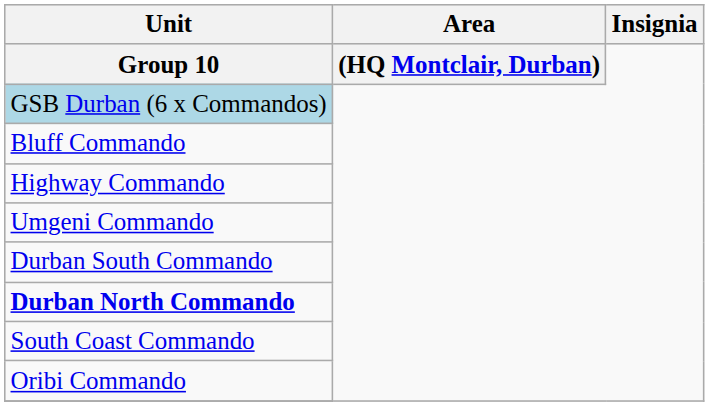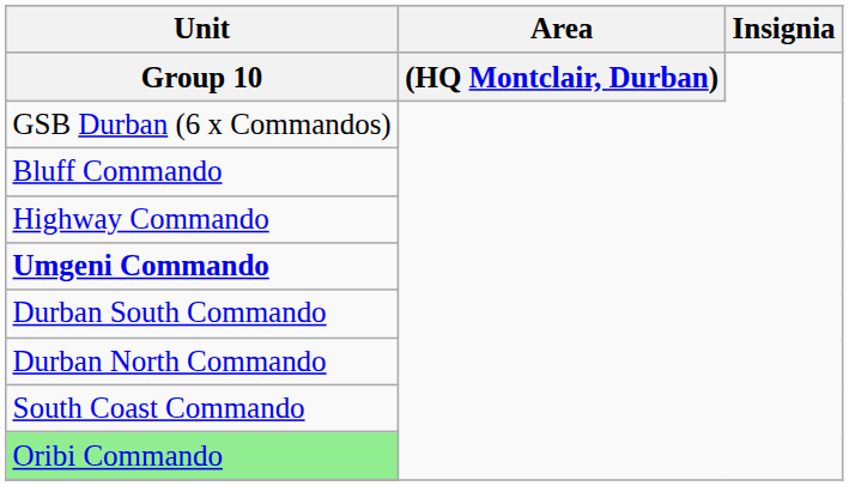 <table class="wikitable">
 <tr>
 <th>Unit</th>
 <th>Area</th>
 <th>Insignia</th>
 </tr>
 <tr>
 <th>Group 10</th>
 <th>(HQ <a href='#'>Montclair, Durban</a>)</th>
 </tr>
 <tr>
-<td style="background: lightblue;">GSB <a href='#'>Durban</a> (6 x Commandos)</td>
+<td>GSB <a href='#'>Durban</a> (6 x Commandos)</td>
 </tr>
 <tr>
 <td><a href='#'>Bluff Commando</a></td>
 </tr>
 <tr>
 <td><a href='#'>Highway Commando</a></td>
 </tr>
 <tr>
-<td><a href='#'>Umgeni Commando</a></td>
+<td><strong><a href='#'>Umgeni Commando</a></strong></td>
 </tr>
 <tr>
 <td><a href='#'>Durban South Commando</a></td>
 </tr>
 <tr>
-<td><strong><a href='#'>Durban North Commando</a></strong></td>
+<td><a href='#'>Durban North Commando</a></td>
 </tr>
 <tr>
 <td><a href='#'>South Coast Commando</a></td>
 </tr>
 <tr>
-<td><a href='#'>Oribi Commando</a></td>
+<td style="background: lightgreen;"><a href='#'>Oribi Commando</a></td>
 </tr>
 <tr>
 </tr>
 </table>
